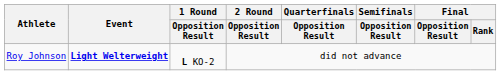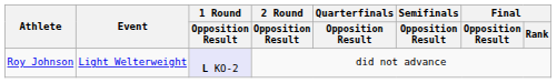 <table class="wikitable" style="font-size:90%">
 <tr>
 <th rowspan="2">Athlete</th>
 <th rowspan="2">Event</th>
 <th>1 Round</th>
 <th>2 Round</th>
 <th>Quarterfinals</th>
 <th>Semifinals</th>
 <th colspan=2>Final</th>
 </tr>
 <tr style="font-size:95%">
 <th>Opposition<br>Result</th>
 <th>Opposition<br>Result</th>
 <th>Opposition<br>Result</th>
 <th>Opposition<br>Result</th>
 <th>Opposition<br>Result</th>
 <th>Rank</th>
 </tr>
 <tr align=center>
 <td align=left><a href='#'>Roy Johnson</a></td>
-<td align=left><strong><a href='#'>Light Welterweight</a></strong></td>
-<td><br><strong>L</strong> KO-2</td>
+<td align=left><a href='#'>Light Welterweight</a></td>
+<td style="background: lavender;"><br><strong>L</strong> KO-2</td>
 <td colspan=5>did not advance</td>
 </tr>
 </table>
